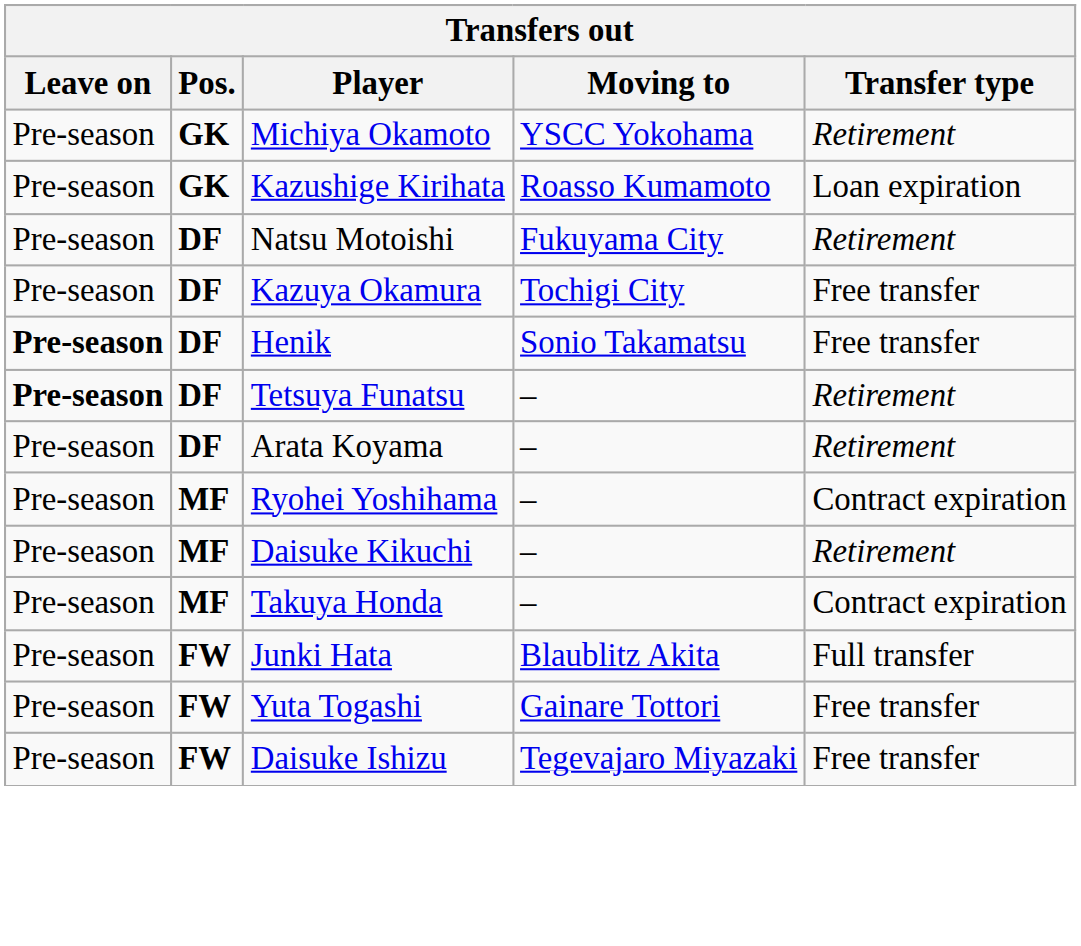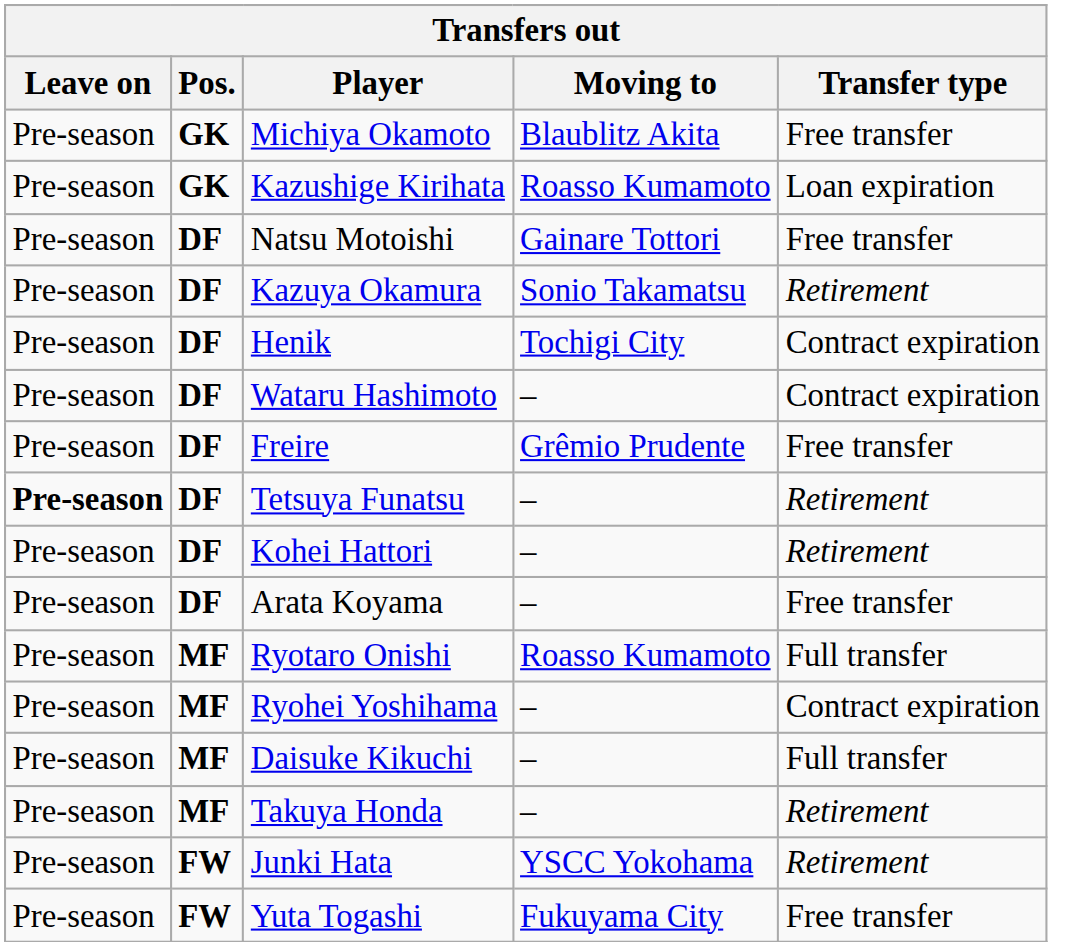 <table class="wikitable sortable" style=“text-align:left;>
 <tr>
 <th colspan="5">Transfers out</th>
 </tr>
 <tr>
 <th>Leave on</th>
 <th>Pos.</th>
 <th>Player</th>
 <th>Moving to</th>
 <th>Transfer type</th>
 </tr>
 <tr>
 <td>Pre-season</td>
 <td><strong>GK</strong></td>
 <td> <a href='#'>Michiya Okamoto</a></td>
-<td> <a href='#'>YSCC Yokohama</a></td>
-<td><em>Retirement</em></td>
+<td> <a href='#'>Blaublitz Akita</a></td>
+<td>Free transfer</td>
 </tr>
 <tr>
 <td>Pre-season</td>
 <td><strong>GK</strong></td>
 <td> <a href='#'>Kazushige Kirihata</a></td>
 <td> <a href='#'>Roasso Kumamoto</a></td>
 <td>Loan expiration</td>
 </tr>
 <tr>
 <td>Pre-season</td>
 <td><strong>DF</strong></td>
 <td> Natsu Motoishi</td>
-<td> <a href='#'>Fukuyama City</a></td>
+<td> <a href='#'>Gainare Tottori</a></td>
+<td>Free transfer</td>
+</tr>
+<tr>
+<td>Pre-season</td>
+<td><strong>DF</strong></td>
+<td> <a href='#'>Kazuya Okamura</a></td>
+<td> <a href='#'>Sonio Takamatsu</a></td>
 <td><em>Retirement</em></td>
 </tr>
 <tr>
 <td>Pre-season</td>
 <td><strong>DF</strong></td>
-<td> <a href='#'>Kazuya Okamura</a></td>
+<td> <a href='#'>Henik</a></td>
 <td> <a href='#'>Tochigi City</a></td>
-<td>Free transfer</td>
+<td>Contract expiration</td>
 </tr>
 <tr>
-<td><strong>Pre-season</strong></td>
+<td>Pre-season</td>
 <td><strong>DF</strong></td>
-<td> <a href='#'>Henik</a></td>
-<td> <a href='#'>Sonio Takamatsu</a></td>
+<td> <a href='#'>Wataru Hashimoto</a></td>
+<td>–</td>
+<td>Contract expiration</td>
+</tr>
+<tr>
+<td>Pre-season</td>
+<td><strong>DF</strong></td>
+<td> <a href='#'>Freire</a></td>
+<td> <a href='#'>Grêmio Prudente</a></td>
 <td>Free transfer</td>
 </tr>
 <tr>
 <td><strong>Pre-season</strong></td>
 <td><strong>DF</strong></td>
 <td> <a href='#'>Tetsuya Funatsu</a></td>
 <td>–</td>
 <td><em>Retirement</em></td>
 </tr>
 <tr>
 <td>Pre-season</td>
 <td><strong>DF</strong></td>
+<td> <a href='#'>Kohei Hattori</a></td>
+<td>–</td>
+<td><em>Retirement</em></td>
+</tr>
+<tr>
+<td>Pre-season</td>
+<td><strong>DF</strong></td>
 <td> Arata Koyama</td>
 <td>–</td>
-<td><em>Retirement</em></td>
+<td>Free transfer</td>
+</tr>
+<tr>
+<td>Pre-season</td>
+<td><strong>MF</strong></td>
+<td> <a href='#'>Ryotaro Onishi</a></td>
+<td> <a href='#'>Roasso Kumamoto</a></td>
+<td>Full transfer</td>
 </tr>
 <tr>
 <td>Pre-season</td>
 <td><strong>MF</strong></td>
 <td> <a href='#'>Ryohei Yoshihama</a></td>
 <td>–</td>
 <td>Contract expiration</td>
 </tr>
 <tr>
 <td>Pre-season</td>
 <td><strong>MF</strong></td>
 <td> <a href='#'>Daisuke Kikuchi</a></td>
 <td>–</td>
-<td><em>Retirement</em></td>
+<td>Full transfer</td>
 </tr>
 <tr>
 <td>Pre-season</td>
 <td><strong>MF</strong></td>
 <td> <a href='#'>Takuya Honda</a></td>
 <td>–</td>
-<td>Contract expiration</td>
+<td><em>Retirement</em></td>
 </tr>
 <tr>
 <td>Pre-season</td>
 <td><strong>FW</strong></td>
 <td> <a href='#'>Junki Hata</a></td>
-<td> <a href='#'>Blaublitz Akita</a></td>
-<td>Full transfer</td>
+<td> <a href='#'>YSCC Yokohama</a></td>
+<td><em>Retirement</em></td>
 </tr>
 <tr>
 <td>Pre-season</td>
 <td><strong>FW</strong></td>
 <td> <a href='#'>Yuta Togashi</a></td>
-<td> <a href='#'>Gainare Tottori</a></td>
-<td>Free transfer</td>
-</tr>
-<tr>
-<td>Pre-season</td>
-<td><strong>FW</strong></td>
-<td> <a href='#'>Daisuke Ishizu</a></td>
-<td> <a href='#'>Tegevajaro Miyazaki</a></td>
+<td> <a href='#'>Fukuyama City</a></td>
 <td>Free transfer</td>
 </tr>
 <tr>
 </tr>
 </table>
